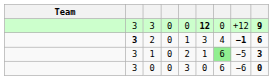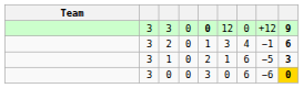 <table class="wikitable" style="text-align: center;">
 <tr>
 <th width="175">Team</th>
 <th width="20"></th>
 <th width="20"></th>
 <th width="20"></th>
 <th width="20"></th>
 <th width="20"></th>
 <th width="20"></th>
 <th width="20"></th>
 <th width="20"></th>
 </tr>
 <tr bgcolor=ccffcc>
 <td align=left></td>
 <td>3</td>
 <td>3</td>
 <td>0</td>
-<td>0</td>
-<td><strong>12</strong></td>
+<td><strong>0</strong></td>
+<td>12</td>
 <td>0</td>
 <td>+12</td>
 <td><strong>9</strong></td>
 </tr>
 <tr>
 <td align=left><em></em></td>
-<td><strong>3</strong></td>
+<td>3</td>
 <td>2</td>
 <td>0</td>
 <td>1</td>
 <td>3</td>
 <td>4</td>
-<td><strong>−1</strong></td>
+<td>−1</td>
 <td><strong>6</strong></td>
 </tr>
 <tr>
 <td align=left></td>
 <td>3</td>
 <td>1</td>
 <td>0</td>
 <td>2</td>
 <td>1</td>
-<td style="background: lightgreen;">6</td>
+<td>6</td>
 <td>−5</td>
 <td><strong>3</strong></td>
 </tr>
 <tr>
 <td align=left></td>
 <td>3</td>
 <td>0</td>
 <td>0</td>
 <td>3</td>
 <td>0</td>
 <td>6</td>
 <td>−6</td>
-<td><strong>0</strong></td>
+<td style="background: gold;"><strong>0</strong></td>
 </tr>
 </table>
